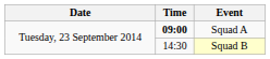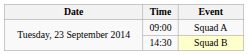 <table class = "wikitable" style="text-align:center;">
 <tr>
 <th width=220>Date</th>
 <th width=50>Time</th>
 <th width=100>Event</th>
 </tr>
 <tr>
 <td rowspan=2>Tuesday, 23 September 2014</td>
-<td><strong>09:00</strong></td>
+<td>09:00</td>
 <td>Squad A</td>
 </tr>
 <tr>
 <td>14:30</td>
 <td bgcolor=ffffcc>Squad B</td>
 </tr>
 </table>
